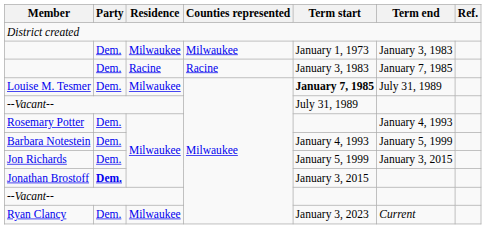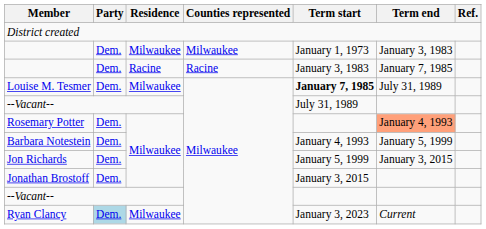 <table class="wikitable">
 <tr>
 <th>Member</th>
 <th>Party</th>
 <th>Residence</th>
 <th>Counties represented</th>
 <th>Term start</th>
 <th>Term end</th>
 <th>Ref.</th>
 </tr>
 <tr>
 <td colspan="7"><em>District created</em></td>
 </tr>
 <tr>
 <td></td>
 <td><a href='#'>Dem.</a></td>
 <td><a href='#'>Milwaukee</a></td>
 <td><a href='#'>Milwaukee</a></td>
 <td>January 1, 1973</td>
 <td>January 3, 1983</td>
 <td></td>
 </tr>
 <tr>
 <td></td>
 <td><a href='#'>Dem.</a></td>
 <td><a href='#'>Racine</a></td>
 <td><a href='#'>Racine</a></td>
 <td>January 3, 1983</td>
 <td>January 7, 1985</td>
 <td></td>
 </tr>
 <tr>
 <td><a href='#'>Louise M. Tesmer</a></td>
 <td><a href='#'>Dem.</a></td>
 <td><a href='#'>Milwaukee</a></td>
 <td rowspan="8"><a href='#'>Milwaukee</a></td>
 <td><strong>January 7, 1985</strong></td>
 <td>July 31, 1989</td>
 <td></td>
 </tr>
 <tr>
 <td colspan="3"><em>--Vacant--</em></td>
 <td>July 31, 1989</td>
 <td></td>
 <td></td>
 </tr>
 <tr>
 <td><a href='#'>Rosemary Potter</a></td>
 <td><a href='#'>Dem.</a></td>
 <td rowspan="4"><a href='#'>Milwaukee</a></td>
 <td></td>
-<td>January 4, 1993</td>
+<td style="background: lightsalmon;">January 4, 1993</td>
 <td></td>
 </tr>
 <tr>
 <td><a href='#'>Barbara Notestein</a></td>
 <td><a href='#'>Dem.</a></td>
 <td>January 4, 1993</td>
 <td>January 5, 1999</td>
 <td></td>
 </tr>
 <tr>
 <td><a href='#'>Jon Richards</a></td>
 <td><a href='#'>Dem.</a></td>
 <td>January 5, 1999</td>
 <td>January 3, 2015</td>
 <td></td>
 </tr>
 <tr>
 <td><a href='#'>Jonathan Brostoff</a></td>
-<td><strong><a href='#'>Dem.</a></strong></td>
+<td><a href='#'>Dem.</a></td>
 <td>January 3, 2015</td>
 <td></td>
 <td></td>
 </tr>
 <tr>
 <td colspan="3"><em>--Vacant--</em></td>
 <td></td>
 <td></td>
 <td></td>
 </tr>
 <tr>
 <td><a href='#'>Ryan Clancy</a></td>
-<td><a href='#'>Dem.</a></td>
+<td style="background: lightblue;"><a href='#'>Dem.</a></td>
 <td><a href='#'>Milwaukee</a></td>
 <td>January 3, 2023</td>
 <td><em>Current</em></td>
 <td></td>
 </tr>
 </table>
